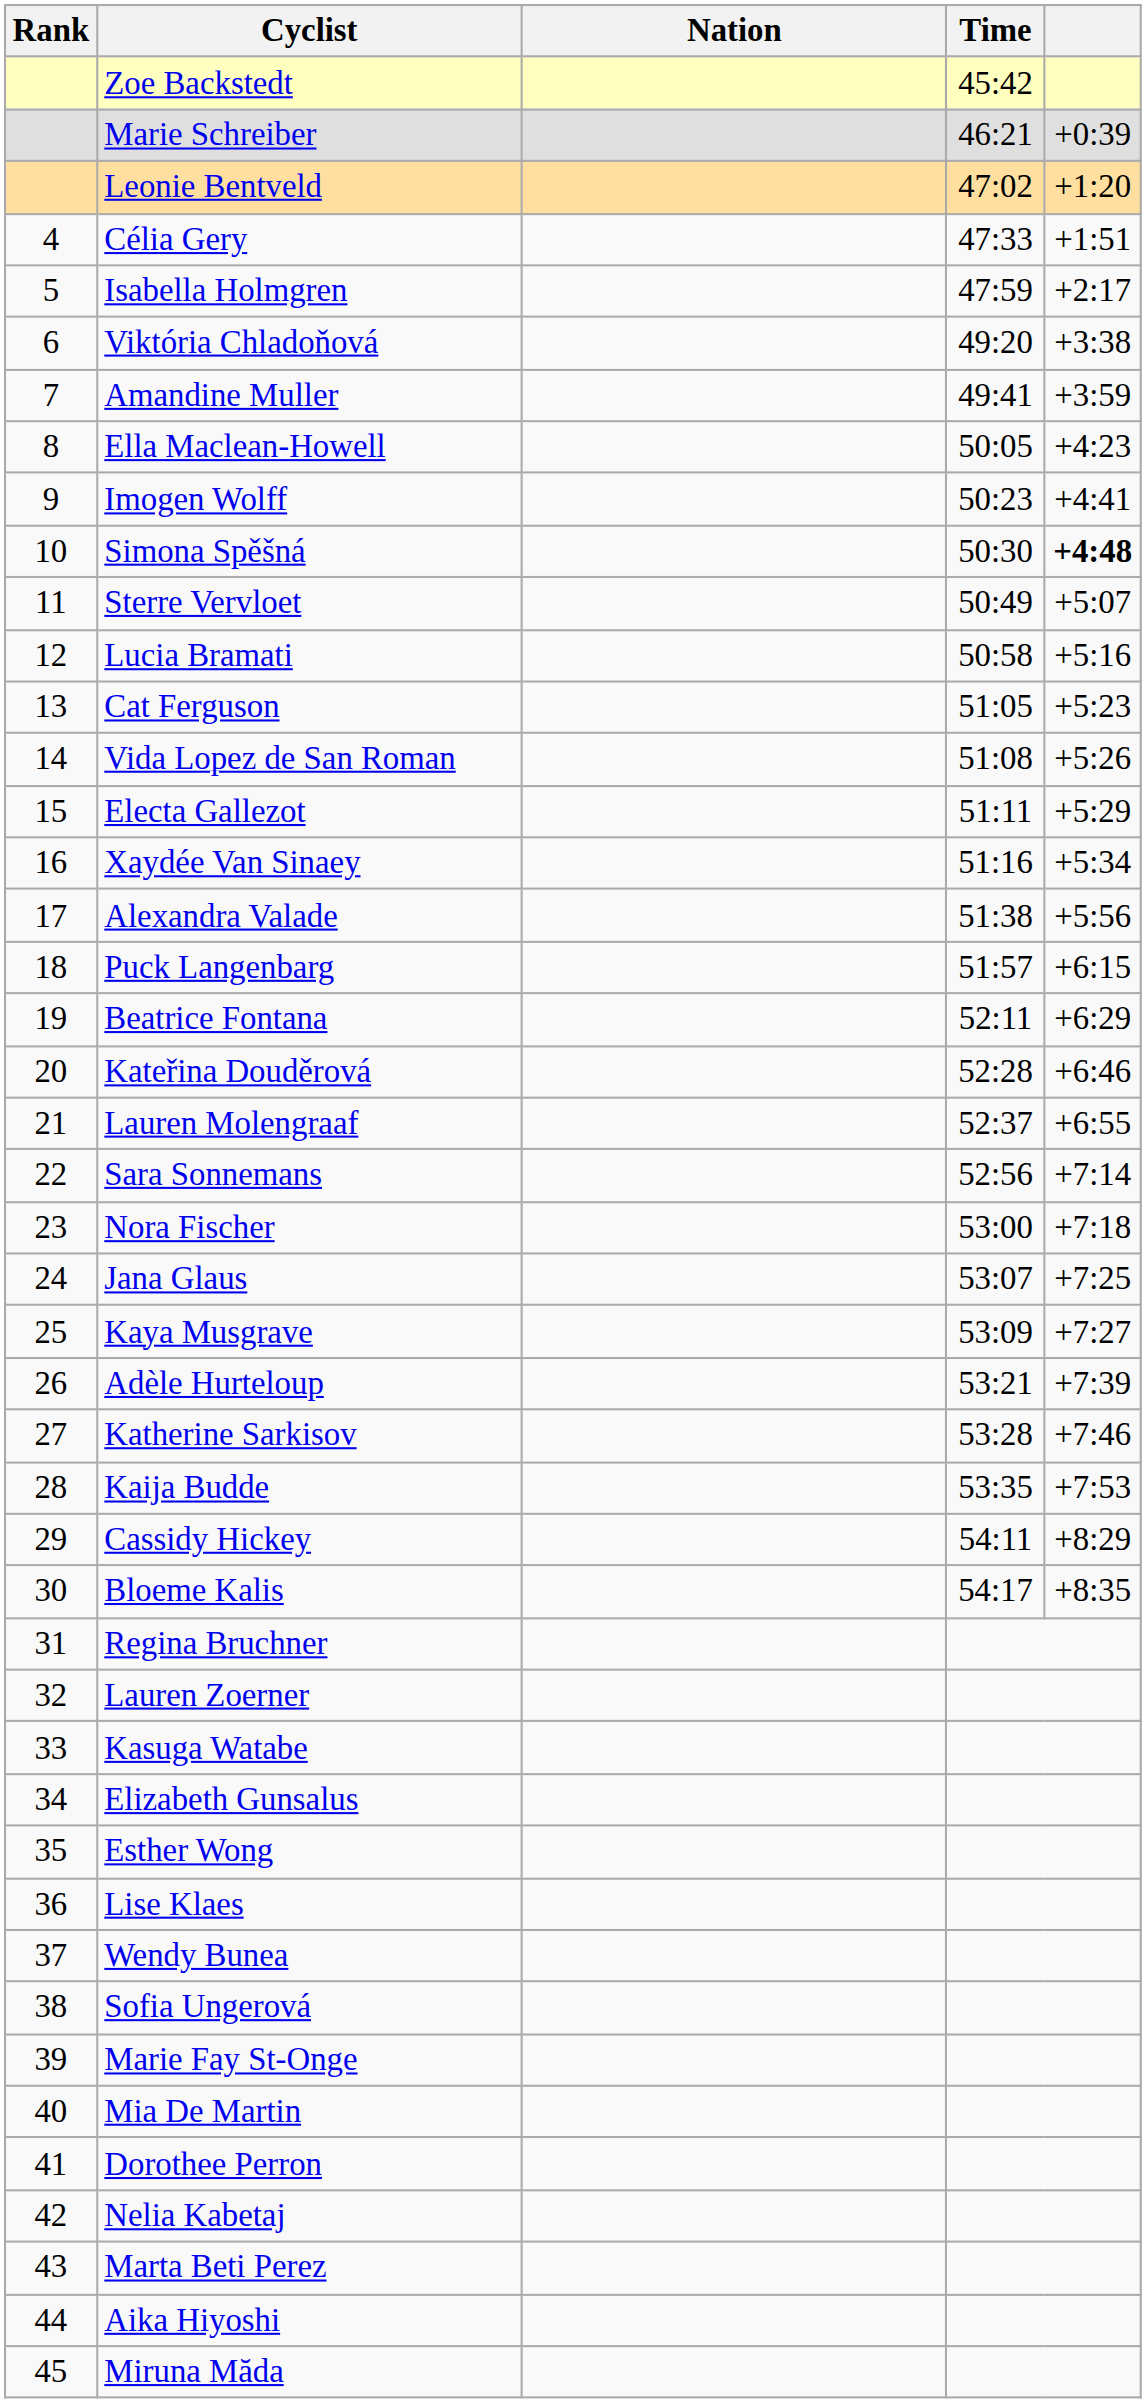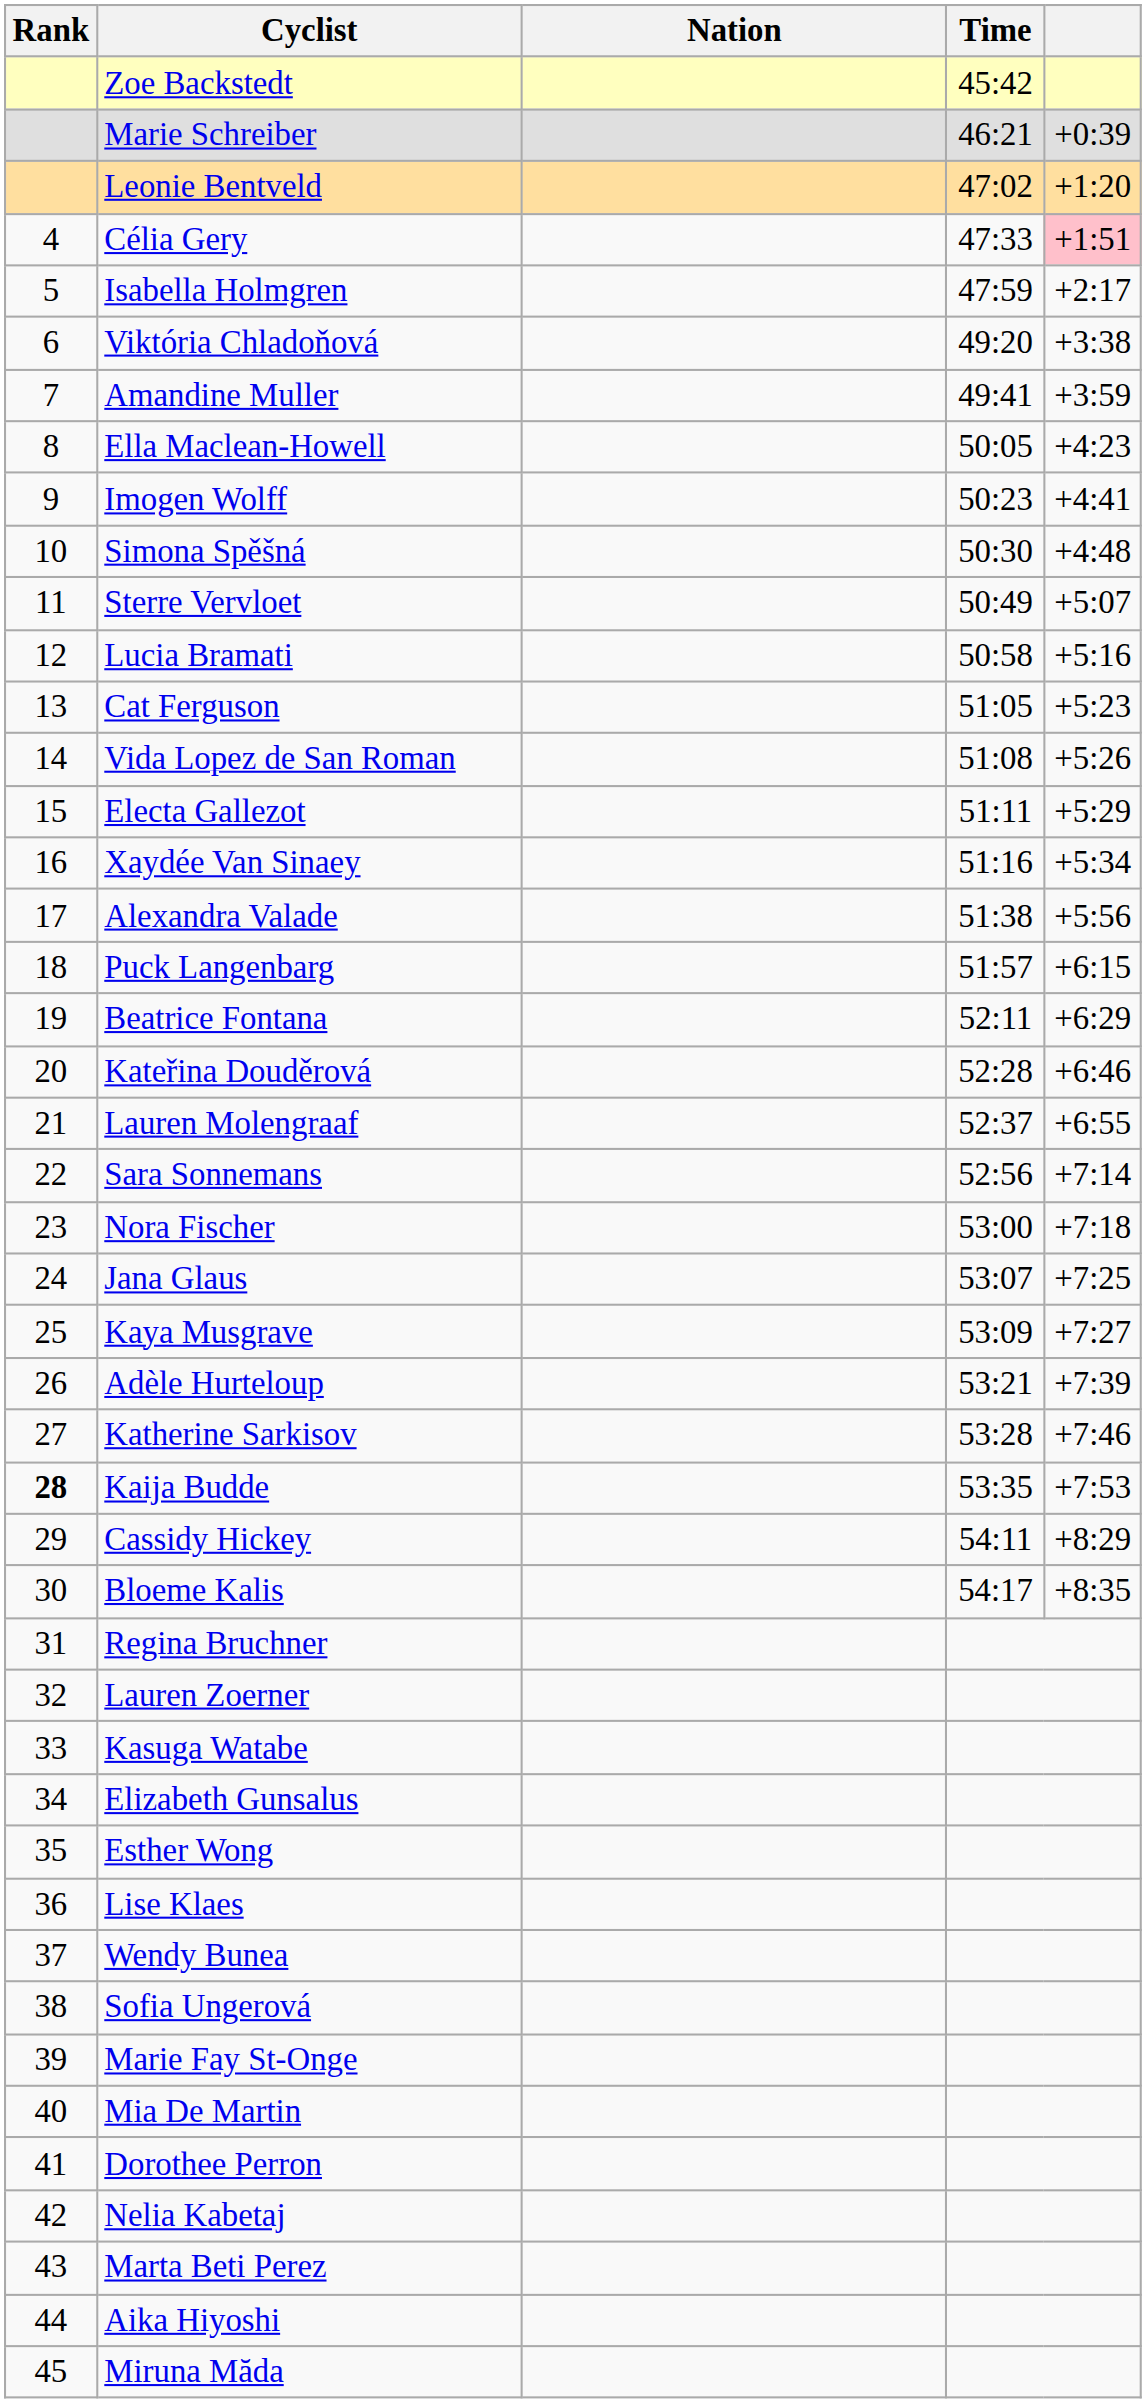 <table class="wikitable sortable" style="text-align:center">
 <tr style="background:#efefef;">
 <th width="30">Rank</th>
 <th width="200">Cyclist</th>
 <th width="200">Nation</th>
 <th width="40">Time</th>
 <th width="40"></th>
 </tr>
 <tr style="background:#FFFFBF;">
 <td></td>
 <td align="left"><a href='#'>Zoe Backstedt</a></td>
 <td align="left"></td>
 <td>45:42</td>
 <td></td>
 </tr>
 <tr style="background:#DFDFDF;">
 <td></td>
 <td align="left"><a href='#'>Marie Schreiber</a></td>
 <td align="left"></td>
 <td>46:21</td>
 <td>+0:39</td>
 </tr>
 <tr style="background:#FFDF9F;">
 <td></td>
 <td align="left"><a href='#'>Leonie Bentveld</a></td>
 <td align="left"></td>
 <td>47:02</td>
 <td>+1:20</td>
 </tr>
 <tr>
 <td>4</td>
 <td align="left"><a href='#'>Célia Gery</a></td>
 <td align="left"></td>
 <td>47:33</td>
-<td>+1:51</td>
+<td style="background: pink;">+1:51</td>
 </tr>
 <tr>
 <td>5</td>
 <td align="left"><a href='#'>Isabella Holmgren</a></td>
 <td align="left"></td>
 <td>47:59</td>
 <td>+2:17</td>
 </tr>
 <tr>
 <td>6</td>
 <td align="left"><a href='#'>Viktória Chladoňová</a></td>
 <td align="left"></td>
 <td>49:20</td>
 <td>+3:38</td>
 </tr>
 <tr>
 <td>7</td>
 <td align="left"><a href='#'>Amandine Muller</a></td>
 <td align="left"></td>
 <td>49:41</td>
 <td>+3:59</td>
 </tr>
 <tr>
 <td>8</td>
 <td align="left"><a href='#'>Ella Maclean-Howell</a></td>
 <td align="left"></td>
 <td>50:05</td>
 <td>+4:23</td>
 </tr>
 <tr>
 <td>9</td>
 <td align="left"><a href='#'>Imogen Wolff</a></td>
 <td align="left"></td>
 <td>50:23</td>
 <td>+4:41</td>
 </tr>
 <tr>
 <td>10</td>
 <td align="left"><a href='#'>Simona Spěšná</a></td>
 <td align="left"></td>
 <td>50:30</td>
-<td><strong>+4:48</strong></td>
+<td>+4:48</td>
 </tr>
 <tr>
 <td>11</td>
 <td align="left"><a href='#'>Sterre Vervloet</a></td>
 <td align="left"></td>
 <td>50:49</td>
 <td>+5:07</td>
 </tr>
 <tr>
 <td>12</td>
 <td align="left"><a href='#'>Lucia Bramati</a></td>
 <td align="left"></td>
 <td>50:58</td>
 <td>+5:16</td>
 </tr>
 <tr>
 <td>13</td>
 <td align="left"><a href='#'>Cat Ferguson</a></td>
 <td align="left"></td>
 <td>51:05</td>
 <td>+5:23</td>
 </tr>
 <tr>
 <td>14</td>
 <td align="left"><a href='#'>Vida Lopez de San Roman</a></td>
 <td align="left"></td>
 <td>51:08</td>
 <td>+5:26</td>
 </tr>
 <tr>
 <td>15</td>
 <td align="left"><a href='#'>Electa Gallezot</a></td>
 <td align="left"></td>
 <td>51:11</td>
 <td>+5:29</td>
 </tr>
 <tr>
 <td>16</td>
 <td align="left"><a href='#'>Xaydée Van Sinaey</a></td>
 <td align="left"></td>
 <td>51:16</td>
 <td>+5:34</td>
 </tr>
 <tr>
 <td>17</td>
 <td align="left"><a href='#'>Alexandra Valade</a></td>
 <td align="left"></td>
 <td>51:38</td>
 <td>+5:56</td>
 </tr>
 <tr>
 <td>18</td>
 <td align="left"><a href='#'>Puck Langenbarg</a></td>
 <td align="left"></td>
 <td>51:57</td>
 <td>+6:15</td>
 </tr>
 <tr>
 <td>19</td>
 <td align="left"><a href='#'>Beatrice Fontana</a></td>
 <td align="left"></td>
 <td>52:11</td>
 <td>+6:29</td>
 </tr>
 <tr>
 <td>20</td>
 <td align="left"><a href='#'>Kateřina Douděrová</a></td>
 <td align="left"></td>
 <td>52:28</td>
 <td>+6:46</td>
 </tr>
 <tr>
 <td>21</td>
 <td align="left"><a href='#'>Lauren Molengraaf</a></td>
 <td align="left"></td>
 <td>52:37</td>
 <td>+6:55</td>
 </tr>
 <tr>
 <td>22</td>
 <td align="left"><a href='#'>Sara Sonnemans</a></td>
 <td align="left"></td>
 <td>52:56</td>
 <td>+7:14</td>
 </tr>
 <tr>
 <td>23</td>
 <td align="left"><a href='#'> Nora Fischer</a></td>
 <td align="left"></td>
 <td>53:00</td>
 <td>+7:18</td>
 </tr>
 <tr>
 <td>24</td>
 <td align="left"><a href='#'>Jana Glaus</a></td>
 <td align="left"></td>
 <td>53:07</td>
 <td>+7:25</td>
 </tr>
 <tr>
 <td>25</td>
 <td align="left"><a href='#'>Kaya Musgrave</a></td>
 <td align="left"></td>
 <td>53:09</td>
 <td>+7:27</td>
 </tr>
 <tr>
 <td>26</td>
 <td align="left"><a href='#'>Adèle Hurteloup</a></td>
 <td align="left"></td>
 <td>53:21</td>
 <td>+7:39</td>
 </tr>
 <tr>
 <td>27</td>
 <td align="left"><a href='#'>Katherine Sarkisov</a></td>
 <td align="left"></td>
 <td>53:28</td>
 <td>+7:46</td>
 </tr>
 <tr>
-<td>28</td>
+<td><strong>28</strong></td>
 <td align="left"><a href='#'>Kaija Budde</a></td>
 <td align="left"></td>
 <td>53:35</td>
 <td>+7:53</td>
 </tr>
 <tr>
 <td>29</td>
 <td align="left"><a href='#'>Cassidy Hickey</a></td>
 <td align="left"></td>
 <td>54:11</td>
 <td>+8:29</td>
 </tr>
 <tr>
 <td>30</td>
 <td align="left"><a href='#'>Bloeme Kalis</a></td>
 <td align="left"></td>
 <td>54:17</td>
 <td>+8:35</td>
 </tr>
 <tr>
 <td>31</td>
 <td align="left"><a href='#'>Regina Bruchner</a></td>
 <td align="left"></td>
 <td colspan="2"></td>
 </tr>
 <tr>
 <td>32</td>
 <td align="left"><a href='#'>Lauren Zoerner</a></td>
 <td align="left"></td>
 <td colspan="2"></td>
 </tr>
 <tr>
 <td>33</td>
 <td align="left"><a href='#'>Kasuga Watabe</a></td>
 <td align="left"></td>
 <td colspan="2"></td>
 </tr>
 <tr>
 <td>34</td>
 <td align="left"><a href='#'>Elizabeth Gunsalus</a></td>
 <td align="left"></td>
 <td colspan="2"></td>
 </tr>
 <tr>
 <td>35</td>
 <td align="left"><a href='#'> Esther Wong</a></td>
 <td align="left"></td>
 <td colspan="2"></td>
 </tr>
 <tr>
 <td>36</td>
 <td align="left"><a href='#'>Lise Klaes</a></td>
 <td align="left"></td>
 <td colspan="2"></td>
 </tr>
 <tr>
 <td>37</td>
 <td align="left"><a href='#'>Wendy Bunea</a></td>
 <td align="left"></td>
 <td colspan="2"></td>
 </tr>
 <tr>
 <td>38</td>
 <td align="left"><a href='#'>Sofia Ungerová</a></td>
 <td align="left"></td>
 <td colspan="2"></td>
 </tr>
 <tr>
 <td>39</td>
 <td align="left"><a href='#'>Marie Fay St-Onge</a></td>
 <td align="left"></td>
 <td colspan="2"></td>
 </tr>
 <tr>
 <td>40</td>
 <td align="left"><a href='#'>Mia De Martin</a></td>
 <td align="left"></td>
 <td colspan="2"></td>
 </tr>
 <tr>
 <td>41</td>
 <td align="left"><a href='#'>Dorothee Perron</a></td>
 <td align="left"></td>
 <td colspan="2"></td>
 </tr>
 <tr>
 <td>42</td>
 <td align="left"><a href='#'>Nelia Kabetaj</a></td>
 <td align="left"></td>
 <td colspan="2"></td>
 </tr>
 <tr>
 <td>43</td>
 <td align="left"><a href='#'>Marta Beti Perez</a></td>
 <td align="left"></td>
 <td colspan="2"></td>
 </tr>
 <tr>
 <td>44</td>
 <td align="left"><a href='#'>Aika Hiyoshi</a></td>
 <td align="left"></td>
 <td colspan="2"></td>
 </tr>
 <tr>
 <td>45</td>
 <td align="left"><a href='#'>Miruna Măda</a></td>
 <td align="left"></td>
 <td colspan="2"></td>
 </tr>
 </table>
